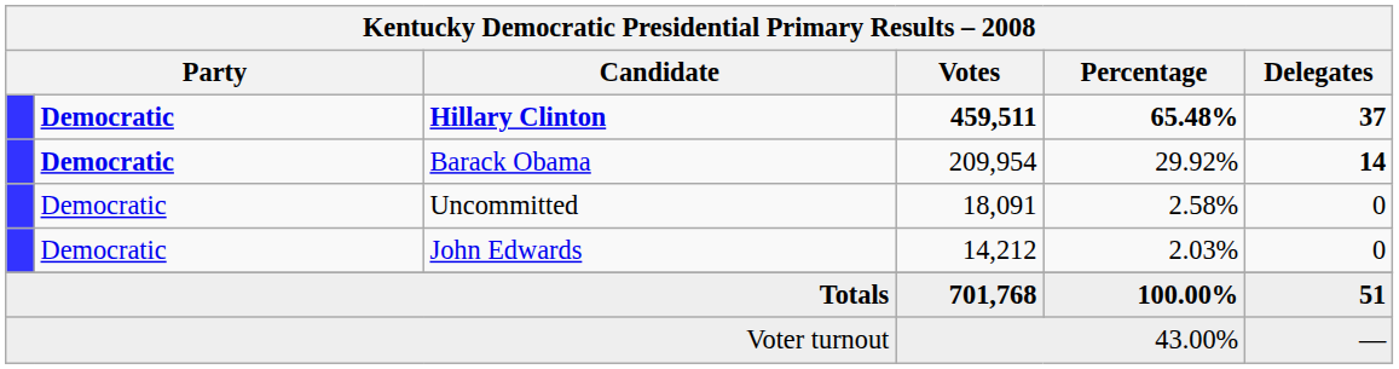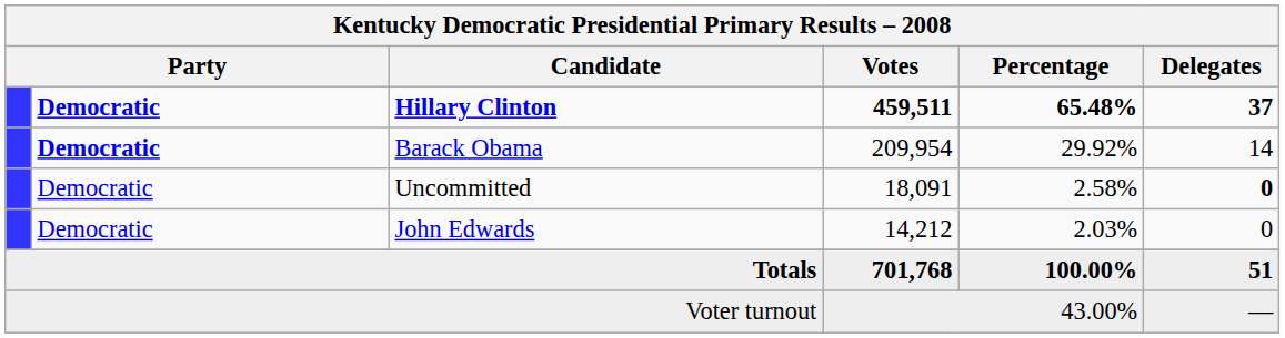 <table class="wikitable" style="font-size:95%;">
 <tr>
 <th colspan="7">Kentucky Democratic Presidential Primary Results – 2008</th>
 </tr>
 <tr>
 <th colspan="2" style="width: 15em">Party</th>
 <th style="width: 17em">Candidate</th>
 <th style="width: 5em">Votes</th>
 <th style="width: 7em">Percentage</th>
 <th style="width: 5em">Delegates</th>
 </tr>
 <tr>
 <th style="background-color:#3333FF; width: 3px"></th>
 <td style="width: 130px"><strong><a href='#'>Democratic</a></strong></td>
 <td><strong><a href='#'>Hillary Clinton</a></strong></td>
 <td align="right"><strong>459,511</strong></td>
 <td align="right"><strong>65.48%</strong></td>
 <td align="right"><strong>37</strong></td>
 </tr>
 <tr>
 <th style="background-color:#3333FF; width: 3px"></th>
 <td style="width: 130px"><strong><a href='#'>Democratic</a></strong></td>
 <td><a href='#'>Barack Obama</a></td>
 <td align="right">209,954</td>
 <td align="right">29.92%</td>
-<td align="right"><strong>14</strong></td>
+<td align="right">14</td>
 </tr>
 <tr>
 <th style="background-color:#3333FF; width: 3px"></th>
 <td style="width: 130px"><a href='#'>Democratic</a></td>
 <td>Uncommitted</td>
 <td align="right">18,091</td>
 <td align="right">2.58%</td>
-<td align="right">0</td>
+<td align="right"><strong>0</strong></td>
 </tr>
 <tr>
 <th style="background-color:#3333FF; width: 3px"></th>
 <td style="width: 130px"><a href='#'>Democratic</a></td>
 <td><a href='#'>John Edwards</a></td>
 <td align="right">14,212</td>
 <td align="right">2.03%</td>
 <td align="right">0</td>
 </tr>
 <tr>
 </tr>
 <tr bgcolor="#EEEEEE">
 <td colspan="3" align="right"><strong>Totals</strong></td>
 <td align="right"><strong>701,768</strong></td>
 <td align="right"><strong>100.00%</strong></td>
 <td align="right"><strong>51</strong></td>
 </tr>
 <tr bgcolor="#EEEEEE">
 <td colspan="3" align="right">Voter turnout</td>
 <td colspan="2" align="right">43.00%</td>
 <td align="right">—</td>
 </tr>
 </table>
